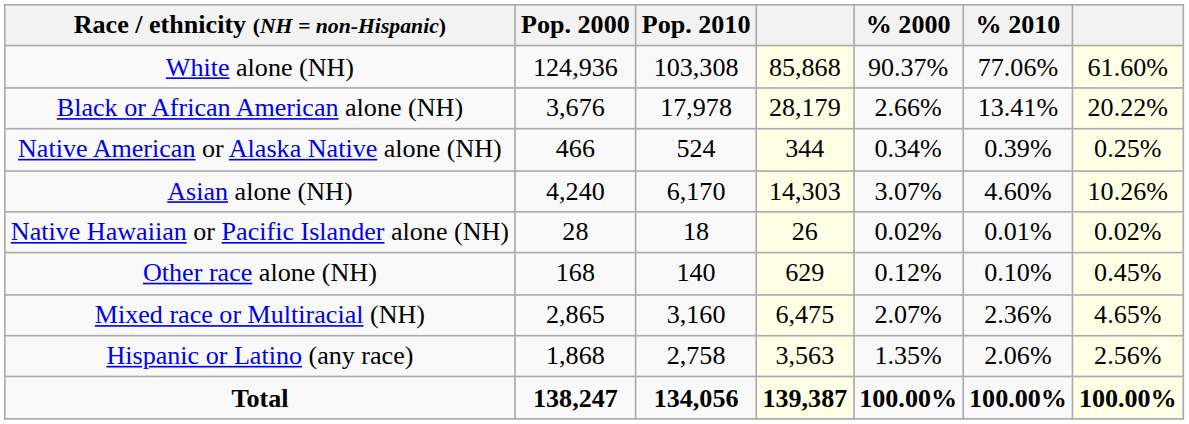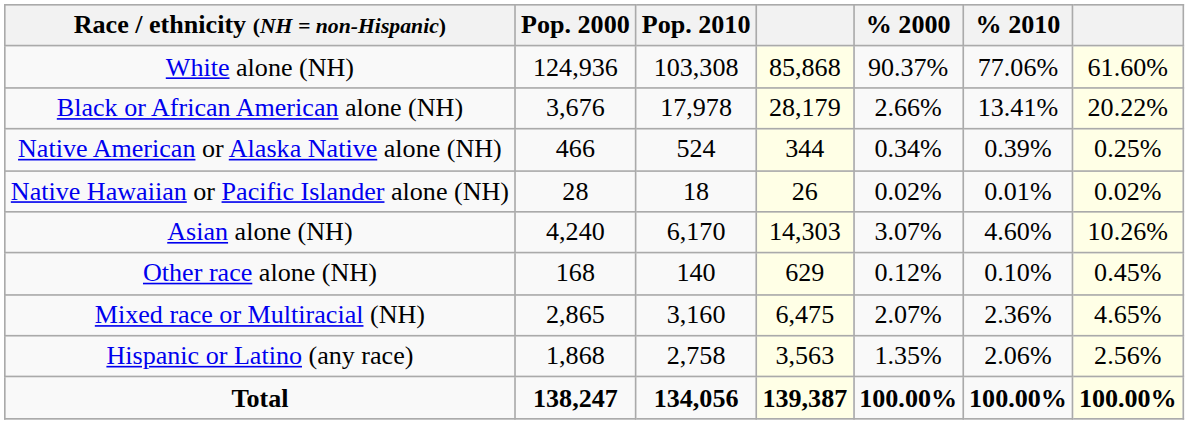 <table class="wikitable" style="text-align:center;">
 <tr>
 <th>Race / ethnicity <small>(<em>NH = non-Hispanic</em>)</small></th>
 <th>Pop. 2000</th>
 <th>Pop. 2010</th>
 <th></th>
 <th>% 2000</th>
 <th>% 2010</th>
 <th></th>
 </tr>
 <tr>
 <td><a href='#'>White</a> alone (NH)</td>
 <td>124,936</td>
 <td>103,308</td>
 <td style='background: #ffffe6;'>85,868</td>
 <td>90.37%</td>
 <td>77.06%</td>
 <td style='background: #ffffe6;'>61.60%</td>
 </tr>
 <tr>
 <td><a href='#'>Black or African American</a> alone (NH)</td>
 <td>3,676</td>
 <td>17,978</td>
 <td style='background: #ffffe6;'>28,179</td>
 <td>2.66%</td>
 <td>13.41%</td>
 <td style='background: #ffffe6;'>20.22%</td>
 </tr>
 <tr>
 <td><a href='#'>Native American</a> or <a href='#'>Alaska Native</a> alone (NH)</td>
 <td>466</td>
 <td>524</td>
 <td style='background: #ffffe6;'>344</td>
 <td>0.34%</td>
 <td>0.39%</td>
 <td style='background: #ffffe6;'>0.25%</td>
 </tr>
 <tr>
+<td><a href='#'>Native Hawaiian</a> or <a href='#'>Pacific Islander</a> alone (NH)</td>
+<td>28</td>
+<td>18</td>
+<td style='background: #ffffe6;'>26</td>
+<td>0.02%</td>
+<td>0.01%</td>
+<td style='background: #ffffe6;'>0.02%</td>
+</tr>
+<tr>
 <td><a href='#'>Asian</a> alone (NH)</td>
 <td>4,240</td>
 <td>6,170</td>
 <td style='background: #ffffe6;'>14,303</td>
 <td>3.07%</td>
 <td>4.60%</td>
 <td style='background: #ffffe6;'>10.26%</td>
-</tr>
-<tr>
-<td><a href='#'>Native Hawaiian</a> or <a href='#'>Pacific Islander</a> alone (NH)</td>
-<td>28</td>
-<td>18</td>
-<td style='background: #ffffe6;'>26</td>
-<td>0.02%</td>
-<td>0.01%</td>
-<td style='background: #ffffe6;'>0.02%</td>
 </tr>
 <tr>
 <td><a href='#'>Other race</a> alone (NH)</td>
 <td>168</td>
 <td>140</td>
 <td style='background: #ffffe6;'>629</td>
 <td>0.12%</td>
 <td>0.10%</td>
 <td style='background: #ffffe6;'>0.45%</td>
 </tr>
 <tr>
 <td><a href='#'>Mixed race or Multiracial</a> (NH)</td>
 <td>2,865</td>
 <td>3,160</td>
 <td style='background: #ffffe6;'>6,475</td>
 <td>2.07%</td>
 <td>2.36%</td>
 <td style='background: #ffffe6;'>4.65%</td>
 </tr>
 <tr>
 <td><a href='#'>Hispanic or Latino</a> (any race)</td>
 <td>1,868</td>
 <td>2,758</td>
 <td style='background: #ffffe6;'>3,563</td>
 <td>1.35%</td>
 <td>2.06%</td>
 <td style='background: #ffffe6;'>2.56%</td>
 </tr>
 <tr>
 <td><strong>Total</strong></td>
 <td><strong>138,247</strong></td>
 <td><strong>134,056</strong></td>
 <td style='background: #ffffe6;'><strong>139,387</strong></td>
 <td><strong>100.00%</strong></td>
 <td><strong>100.00%</strong></td>
 <td style='background: #ffffe6;'><strong>100.00%</strong></td>
 </tr>
 </table>
